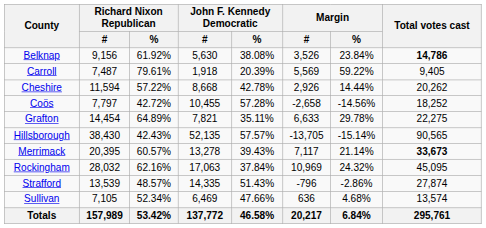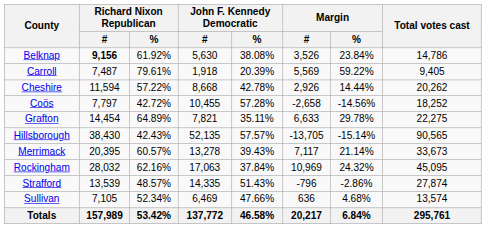 <table width="60%" class="wikitable sortable">
 <tr>
 <th rowspan="2">County</th>
 <th colspan="2">Richard Nixon<br>Republican</th>
 <th colspan="2">John F. Kennedy<br>Democratic</th>
 <th colspan="2">Margin</th>
 <th rowspan="2">Total votes cast</th>
 </tr>
 <tr>
 <th style="text-align:center;" data-sort-type="number">#</th>
 <th style="text-align:center;" data-sort-type="number">%</th>
 <th style="text-align:center;" data-sort-type="number">#</th>
 <th style="text-align:center;" data-sort-type="number">%</th>
 <th style="text-align:center;" data-sort-type="number">#</th>
 <th style="text-align:center;" data-sort-type="number">%</th>
 </tr>
 <tr style="text-align:center;">
 <td><a href='#'>Belknap</a></td>
-<td>9,156</td>
+<td><strong>9,156</strong></td>
 <td>61.92%</td>
 <td>5,630</td>
 <td>38.08%</td>
 <td>3,526</td>
 <td>23.84%</td>
-<td><strong>14,786</strong></td>
+<td>14,786</td>
 </tr>
 <tr style="text-align:center;">
 <td><a href='#'>Carroll</a></td>
 <td>7,487</td>
 <td>79.61%</td>
 <td>1,918</td>
 <td>20.39%</td>
 <td>5,569</td>
 <td>59.22%</td>
 <td>9,405</td>
 </tr>
 <tr style="text-align:center;">
 <td><a href='#'>Cheshire</a></td>
 <td>11,594</td>
 <td>57.22%</td>
 <td>8,668</td>
 <td>42.78%</td>
 <td>2,926</td>
 <td>14.44%</td>
 <td>20,262</td>
 </tr>
 <tr style="text-align:center;">
 <td><a href='#'>Coös</a></td>
 <td>7,797</td>
 <td>42.72%</td>
 <td>10,455</td>
 <td>57.28%</td>
 <td>-2,658</td>
 <td>-14.56%</td>
 <td>18,252</td>
 </tr>
 <tr style="text-align:center;">
 <td><a href='#'>Grafton</a></td>
 <td>14,454</td>
 <td>64.89%</td>
 <td>7,821</td>
 <td>35.11%</td>
 <td>6,633</td>
 <td>29.78%</td>
 <td>22,275</td>
 </tr>
 <tr style="text-align:center;">
 <td><a href='#'>Hillsborough</a></td>
 <td>38,430</td>
 <td>42.43%</td>
 <td>52,135</td>
 <td>57.57%</td>
 <td>-13,705</td>
 <td>-15.14%</td>
 <td>90,565</td>
 </tr>
 <tr style="text-align:center;">
 <td><a href='#'>Merrimack</a></td>
 <td>20,395</td>
 <td>60.57%</td>
 <td>13,278</td>
 <td>39.43%</td>
 <td>7,117</td>
 <td>21.14%</td>
-<td><strong>33,673</strong></td>
+<td>33,673</td>
 </tr>
 <tr style="text-align:center;">
 <td><a href='#'>Rockingham</a></td>
 <td>28,032</td>
 <td>62.16%</td>
 <td>17,063</td>
 <td>37.84%</td>
 <td>10,969</td>
 <td>24.32%</td>
 <td>45,095</td>
 </tr>
 <tr style="text-align:center;">
 <td><a href='#'>Strafford</a></td>
 <td>13,539</td>
 <td>48.57%</td>
 <td>14,335</td>
 <td>51.43%</td>
 <td>-796</td>
 <td>-2.86%</td>
 <td>27,874</td>
 </tr>
 <tr style="text-align:center;">
 <td><a href='#'>Sullivan</a></td>
 <td>7,105</td>
 <td>52.34%</td>
 <td>6,469</td>
 <td>47.66%</td>
 <td>636</td>
 <td>4.68%</td>
 <td>13,574</td>
 </tr>
 <tr style="text-align:center;">
 <th>Totals</th>
 <th>157,989</th>
 <th>53.42%</th>
 <th>137,772</th>
 <th>46.58%</th>
 <th>20,217</th>
 <th>6.84%</th>
 <th>295,761</th>
 </tr>
 </table>
